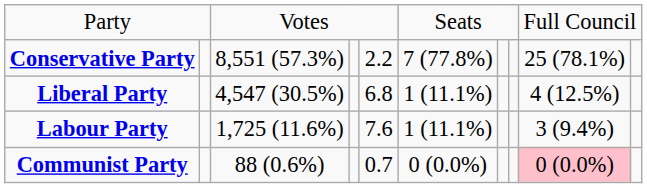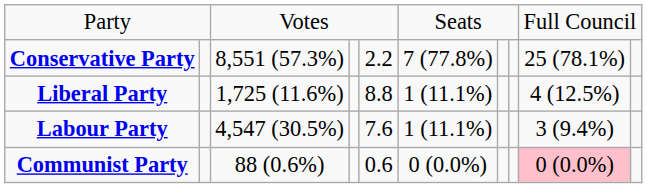 <table class=wikitable style="text-align:center;">
 <tr>
 <td colspan=2>Party</td>
 <td colspan=3>Votes</td>
 <td colspan=3>Seats</td>
 <td colspan=3>Full Council</td>
 </tr>
 <tr>
 <td><strong><a href='#'>Conservative Party</a></strong></td>
 <td style="background:"></td>
 <td>8,551 (57.3%)</td>
 <td></td>
 <td> 2.2</td>
 <td>7 (77.8%)</td>
 <td></td>
 <td></td>
 <td>25 (78.1%)</td>
 <td></td>
 </tr>
 <tr>
 <td><strong><a href='#'>Liberal Party</a></strong></td>
 <td style="background:"></td>
-<td>4,547 (30.5%)</td>
+<td>1,725 (11.6%)</td>
 <td></td>
-<td> 6.8</td>
+<td> 8.8</td>
 <td>1 (11.1%)</td>
 <td></td>
 <td></td>
 <td>4 (12.5%)</td>
 <td></td>
 </tr>
 <tr>
 <td><strong><a href='#'>Labour Party</a></strong></td>
 <td style="background:"></td>
-<td>1,725 (11.6%)</td>
+<td>4,547 (30.5%)</td>
 <td></td>
 <td> 7.6</td>
 <td>1 (11.1%)</td>
 <td></td>
 <td></td>
 <td>3 (9.4%)</td>
 <td></td>
 </tr>
 <tr>
 <td><strong><a href='#'>Communist Party</a></strong></td>
 <td style="background:"></td>
 <td>88 (0.6%)</td>
 <td></td>
-<td> 0.7</td>
+<td> 0.6</td>
 <td>0 (0.0%)</td>
 <td></td>
 <td></td>
 <td style="background: pink;">0 (0.0%)</td>
 <td></td>
 </tr>
 </table>
